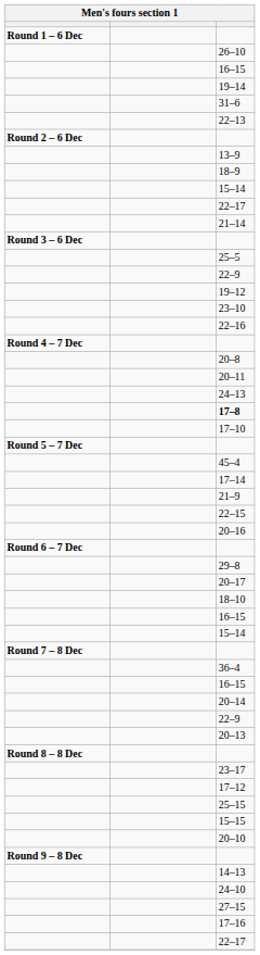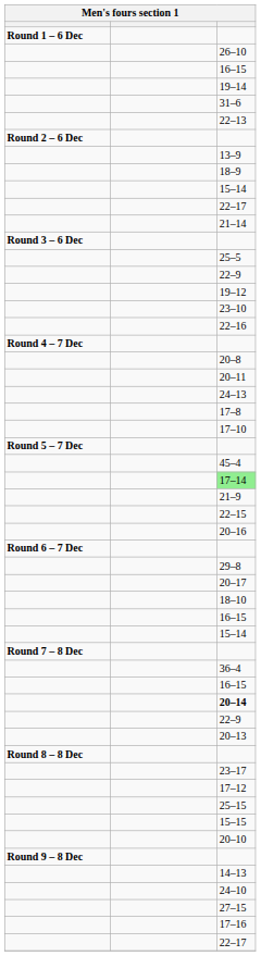 <table class="wikitable">
 <tr>
 <th colspan="3">Men's fours section 1</th>
 </tr>
 <tr>
 <th width=150></th>
 <th width=150></th>
 <th width=50></th>
 </tr>
 <tr>
 <td><strong>Round 1 – 6 Dec</strong></td>
 <td></td>
 <td></td>
 </tr>
 <tr>
 <td></td>
 <td></td>
 <td>26–10</td>
 </tr>
 <tr>
 <td></td>
 <td></td>
 <td>16–15</td>
 </tr>
 <tr>
 <td></td>
 <td></td>
 <td>19–14</td>
 </tr>
 <tr>
 <td></td>
 <td></td>
 <td>31–6</td>
 </tr>
 <tr>
 <td></td>
 <td></td>
 <td>22–13</td>
 </tr>
 <tr>
 <td><strong>Round 2 – 6 Dec</strong></td>
 <td></td>
 <td></td>
 </tr>
 <tr>
 <td></td>
 <td></td>
 <td>13–9</td>
 </tr>
 <tr>
 <td></td>
 <td></td>
 <td>18–9</td>
 </tr>
 <tr>
 <td></td>
 <td></td>
 <td>15–14</td>
 </tr>
 <tr>
 <td></td>
 <td></td>
 <td>22–17</td>
 </tr>
 <tr>
 <td></td>
 <td></td>
 <td>21–14</td>
 </tr>
 <tr>
 <td><strong>Round 3 – 6 Dec</strong></td>
 <td></td>
 <td></td>
 </tr>
 <tr>
 <td></td>
 <td></td>
 <td>25–5</td>
 </tr>
 <tr>
 <td></td>
 <td></td>
 <td>22–9</td>
 </tr>
 <tr>
 <td></td>
 <td></td>
 <td>19–12</td>
 </tr>
 <tr>
 <td></td>
 <td></td>
 <td>23–10</td>
 </tr>
 <tr>
 <td></td>
 <td></td>
 <td>22–16</td>
 </tr>
 <tr>
 <td><strong>Round 4 – 7 Dec</strong></td>
 <td></td>
 <td></td>
 </tr>
 <tr>
 <td></td>
 <td></td>
 <td>20–8</td>
 </tr>
 <tr>
 <td></td>
 <td></td>
 <td>20–11</td>
 </tr>
 <tr>
 <td></td>
 <td></td>
 <td>24–13</td>
 </tr>
 <tr>
 <td></td>
 <td></td>
-<td><strong>17–8</strong></td>
+<td>17–8</td>
 </tr>
 <tr>
 <td></td>
 <td></td>
 <td>17–10</td>
 </tr>
 <tr>
 <td><strong>Round 5 – 7 Dec</strong></td>
 <td></td>
 <td></td>
 </tr>
 <tr>
 <td></td>
 <td></td>
 <td>45–4</td>
 </tr>
 <tr>
 <td></td>
 <td></td>
-<td>17–14</td>
+<td style="background: lightgreen;">17–14</td>
 </tr>
 <tr>
 <td></td>
 <td></td>
 <td>21–9</td>
 </tr>
 <tr>
 <td></td>
 <td></td>
 <td>22–15</td>
 </tr>
 <tr>
 <td></td>
 <td></td>
 <td>20–16</td>
 </tr>
 <tr>
 <td><strong>Round 6  – 7 Dec </strong></td>
 <td></td>
 <td></td>
 </tr>
 <tr>
 <td></td>
 <td></td>
 <td>29–8</td>
 </tr>
 <tr>
 <td></td>
 <td></td>
 <td>20–17</td>
 </tr>
 <tr>
 <td></td>
 <td></td>
 <td>18–10</td>
 </tr>
 <tr>
 <td></td>
 <td></td>
 <td>16–15</td>
 </tr>
 <tr>
 <td></td>
 <td></td>
 <td>15–14</td>
 </tr>
 <tr>
 <td><strong>Round 7 – 8 Dec </strong></td>
 <td></td>
 <td></td>
 </tr>
 <tr>
 <td></td>
 <td></td>
 <td>36–4</td>
 </tr>
 <tr>
 <td></td>
 <td></td>
 <td>16–15</td>
 </tr>
 <tr>
 <td></td>
 <td></td>
-<td>20–14</td>
+<td><strong>20–14</strong></td>
 </tr>
 <tr>
 <td></td>
 <td></td>
 <td>22–9</td>
 </tr>
 <tr>
 <td></td>
 <td></td>
 <td>20–13</td>
 </tr>
 <tr>
 <td><strong>Round 8 – 8 Dec</strong></td>
 <td></td>
 <td></td>
 </tr>
 <tr>
 <td></td>
 <td></td>
 <td>23–17</td>
 </tr>
 <tr>
 <td></td>
 <td></td>
 <td>17–12</td>
 </tr>
 <tr>
 <td></td>
 <td></td>
 <td>25–15</td>
 </tr>
 <tr>
 <td></td>
 <td></td>
 <td>15–15</td>
 </tr>
 <tr>
 <td></td>
 <td></td>
 <td>20–10</td>
 </tr>
 <tr>
 <td><strong>Round 9 – 8 Dec</strong></td>
 <td></td>
 <td></td>
 </tr>
 <tr>
 <td></td>
 <td></td>
 <td>14–13</td>
 </tr>
 <tr>
 <td></td>
 <td></td>
 <td>24–10</td>
 </tr>
 <tr>
 <td></td>
 <td></td>
 <td>27–15</td>
 </tr>
 <tr>
 <td></td>
 <td></td>
 <td>17–16</td>
 </tr>
 <tr>
 <td></td>
 <td></td>
 <td>22–17</td>
 </tr>
 <tr>
 </tr>
 </table>
